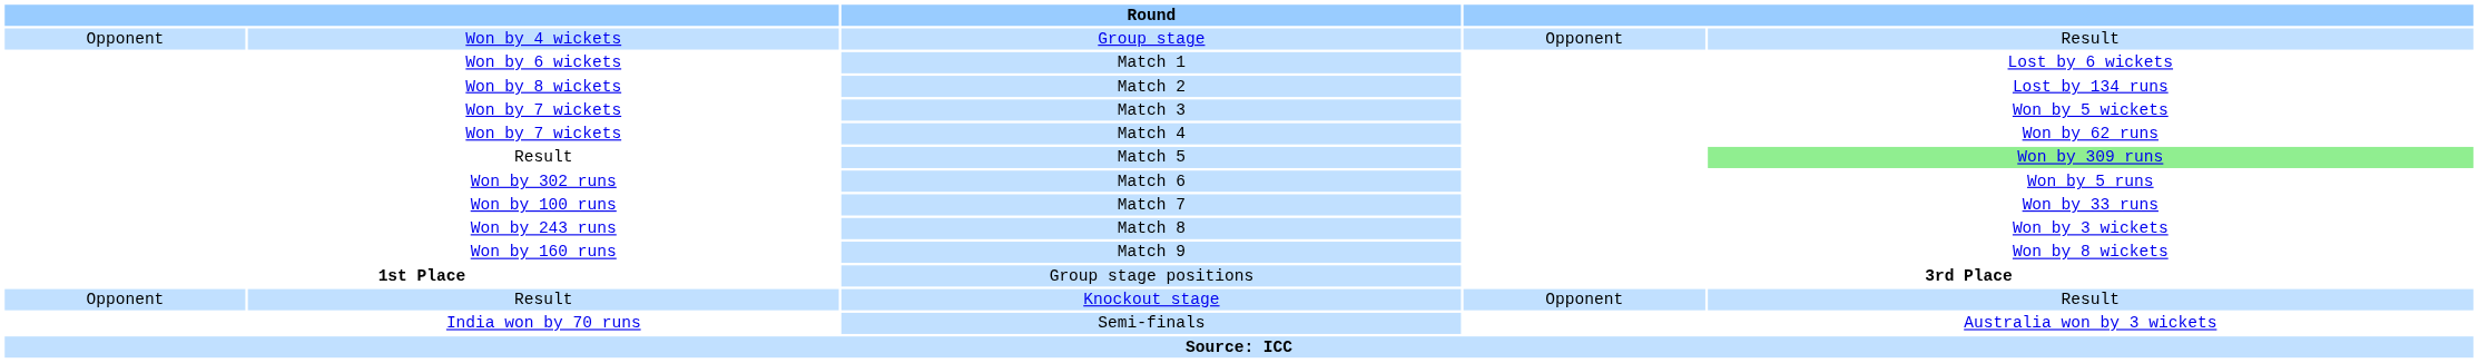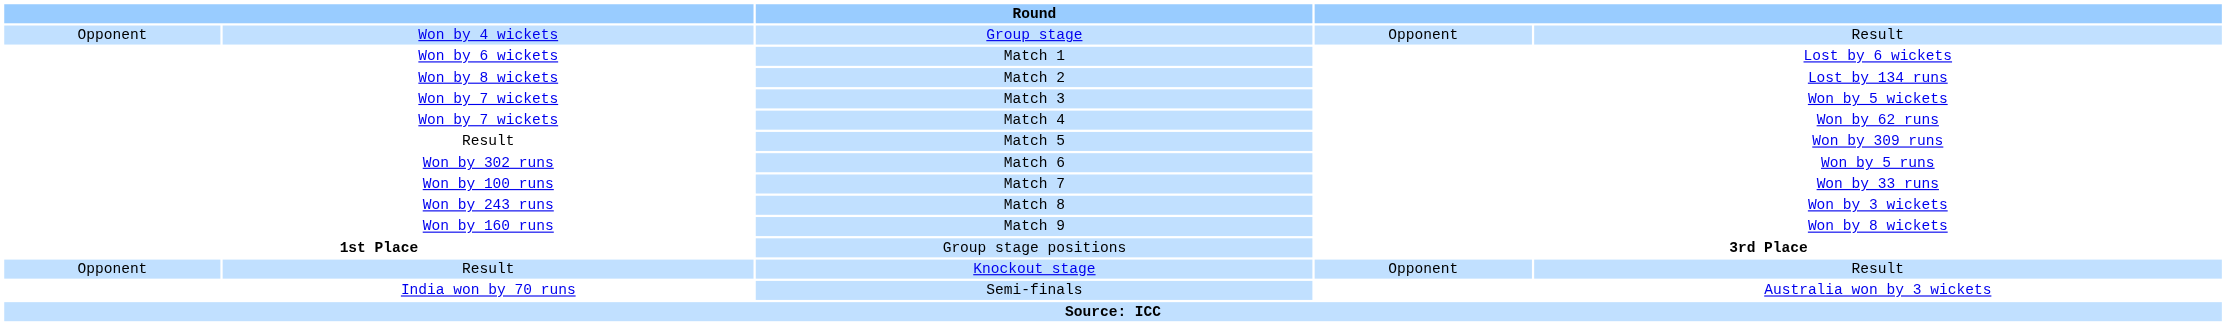 <table style="width:100%;text-align:center">
 <tr style="vertical-align:top;background:#9cf">
 <th colspan=2 style="width:1*"></th>
 <th>Round</th>
 <th colspan=2 style="width:1*"></th>
 </tr>
 <tr style="vertical-align:top;background:#c1e0ff">
 <td>Opponent</td>
 <td><a href='#'>Won by 4 wickets</a></td>
 <td><a href='#'>Group stage</a></td>
 <td>Opponent</td>
 <td>Result</td>
 </tr>
 <tr>
 <td></td>
 <td><a href='#'>Won by 6 wickets</a></td>
 <td style="background:#c1e0ff">Match 1</td>
 <td></td>
 <td><a href='#'>Lost by 6 wickets</a></td>
 </tr>
 <tr>
 <td></td>
 <td><a href='#'>Won by 8 wickets</a></td>
 <td style="background:#c1e0ff">Match 2</td>
 <td></td>
 <td><a href='#'>Lost by 134 runs</a></td>
 </tr>
 <tr>
 <td></td>
 <td><a href='#'>Won by 7 wickets</a></td>
 <td style="background:#c1e0ff">Match 3</td>
 <td></td>
 <td><a href='#'>Won by 5 wickets</a></td>
 </tr>
 <tr>
 <td></td>
 <td><a href='#'>Won by 7 wickets</a></td>
 <td style="background:#c1e0ff">Match 4</td>
 <td></td>
 <td><a href='#'>Won by 62 runs</a></td>
 </tr>
 <tr>
 <td></td>
 <td>Result</td>
 <td style="background:#c1e0ff">Match 5</td>
 <td></td>
-<td style="background: lightgreen;"><a href='#'>Won by 309 runs</a></td>
+<td><a href='#'>Won by 309 runs</a></td>
 </tr>
 <tr>
 <td></td>
 <td><a href='#'>Won by 302 runs</a></td>
 <td style="background:#c1e0ff">Match 6</td>
 <td></td>
 <td><a href='#'>Won by 5 runs</a></td>
 </tr>
 <tr>
 <td></td>
 <td><a href='#'>Won by 100 runs</a></td>
 <td style="background:#c1e0ff">Match 7</td>
 <td></td>
 <td><a href='#'>Won by 33 runs</a></td>
 </tr>
 <tr>
 <td></td>
 <td><a href='#'>Won by 243 runs</a></td>
 <td style="background:#c1e0ff">Match 8</td>
 <td></td>
 <td><a href='#'>Won by 3 wickets</a></td>
 </tr>
 <tr>
 <td></td>
 <td><a href='#'>Won by 160 runs</a></td>
 <td style="background:#c1e0ff">Match 9</td>
 <td></td>
 <td><a href='#'>Won by 8 wickets</a></td>
 </tr>
 <tr>
 <td colspan="2" style="align:center"><strong>1st Place</strong></td>
 <td style="background:#c1e0ff">Group stage positions</td>
 <td colspan="2" style="text-align:center"><strong>3rd Place</strong></td>
 </tr>
 <tr style="vertical-align:top;background:#c1e0ff">
 <td>Opponent</td>
 <td>Result</td>
 <td><a href='#'>Knockout stage</a></td>
 <td>Opponent</td>
 <td>Result</td>
 </tr>
 <tr>
 <td></td>
 <td><a href='#'>India won by 70 runs</a></td>
 <td style="background:#c1e0ff">Semi-finals</td>
 <td></td>
 <td><a href='#'>Australia won by 3 wickets</a></td>
 </tr>
 <tr style="vertical-align:top;background:#C1E0FF">
 <th colspan="7">Source: ICC </th>
 </tr>
 </table>
